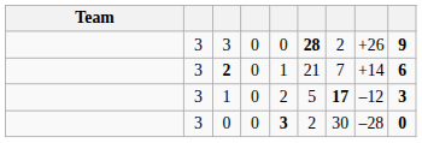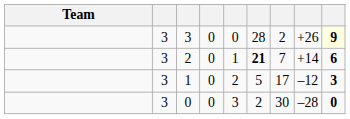 <table class="wikitable" style="text-align: center;">
 <tr>
 <th width="165">Team</th>
 <th width="20"></th>
 <th width="20"></th>
 <th width="20"></th>
 <th width="20"></th>
 <th width="20"></th>
 <th width="20"></th>
 <th width="20"></th>
 <th width="20"></th>
 </tr>
 <tr>
 <td align=left></td>
 <td>3</td>
 <td>3</td>
 <td>0</td>
 <td>0</td>
-<td><strong>28</strong></td>
+<td>28</td>
 <td>2</td>
 <td>+26</td>
-<td><strong>9</strong></td>
+<td style="background: lightyellow;"><strong>9</strong></td>
 </tr>
 <tr>
 <td align=left></td>
 <td>3</td>
-<td><strong>2</strong></td>
+<td>2</td>
 <td>0</td>
 <td>1</td>
-<td>21</td>
+<td><strong>21</strong></td>
 <td>7</td>
 <td>+14</td>
 <td><strong>6</strong></td>
 </tr>
 <tr>
 <td align=left></td>
 <td>3</td>
 <td>1</td>
 <td>0</td>
 <td>2</td>
 <td>5</td>
-<td><strong>17</strong></td>
+<td>17</td>
 <td>–12</td>
 <td><strong>3</strong></td>
 </tr>
 <tr>
 <td align=left></td>
 <td>3</td>
 <td>0</td>
 <td>0</td>
-<td><strong>3</strong></td>
+<td>3</td>
 <td>2</td>
 <td>30</td>
 <td>–28</td>
 <td><strong>0</strong></td>
 </tr>
 </table>
